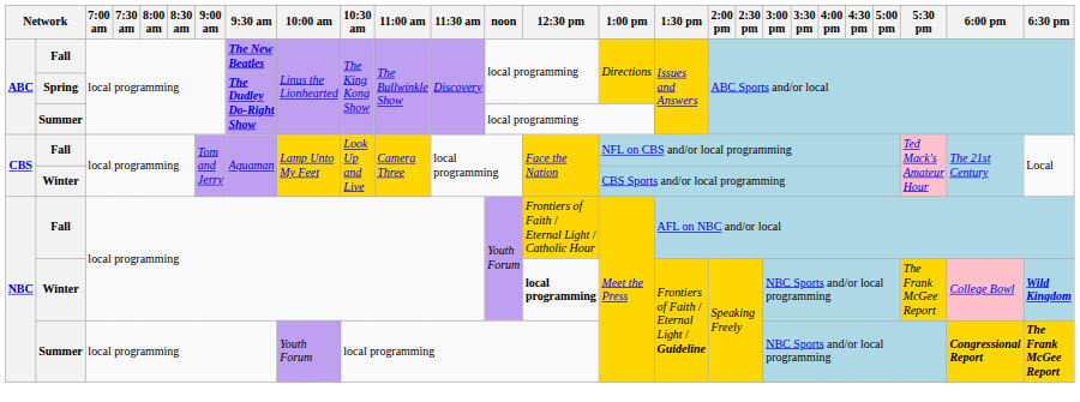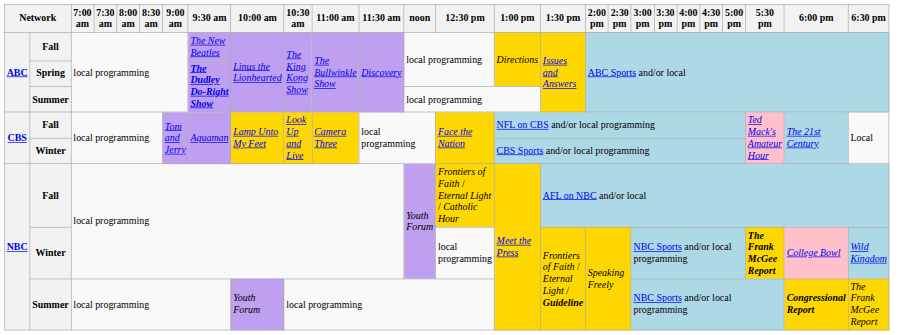 <table class=wikitable style="font-size:90%">
 <tr>
 <th width="1.5%" bgcolor="#C0C0C0" colspan="2">Network</th>
 <th width="13%" bgcolor="#C0C0C0">7:00 am</th>
 <th width="14%" bgcolor="#C0C0C0">7:30 am</th>
 <th width="13%" bgcolor="#C0C0C0">8:00 am</th>
 <th width="14%" bgcolor="#C0C0C0">8:30 am</th>
 <th width="13%" bgcolor="#C0C0C0">9:00 am</th>
 <th width="14%" bgcolor="#C0C0C0">9:30 am</th>
 <th width="13%" bgcolor="#C0C0C0">10:00 am</th>
 <th width="14%" bgcolor="#C0C0C0">10:30 am</th>
 <th width="13%" bgcolor="#C0C0C0">11:00 am</th>
 <th width="14%" bgcolor="#C0C0C0">11:30 am</th>
 <th width="13%" bgcolor="#C0C0C0">noon</th>
 <th width="14%" bgcolor="#C0C0C0">12:30 pm</th>
 <th width="13%" bgcolor="#C0C0C0">1:00 pm</th>
 <th width="14%" bgcolor="#C0C0C0">1:30 pm</th>
 <th width="13%" bgcolor="#C0C0C0">2:00 pm</th>
 <th width="14%" bgcolor="#C0C0C0">2:30 pm</th>
 <th width="13%" bgcolor="#C0C0C0">3:00 pm</th>
 <th width="14%" bgcolor="#C0C0C0">3:30 pm</th>
 <th width="13%" bgcolor="#C0C0C0">4:00 pm</th>
 <th width="14%" bgcolor="#C0C0C0">4:30 pm</th>
 <th width="13%" bgcolor="#C0C0C0">5:00 pm</th>
 <th width="14%" bgcolor="#C0C0C0">5:30 pm</th>
 <th width="13%" bgcolor="#C0C0C0">6:00 pm</th>
 <th width="14%" bgcolor="#C0C0C0">6:30 pm</th>
 </tr>
 <tr>
 <th bgcolor="#C0C0C0" rowspan=3><a href='#'>ABC</a></th>
 <th bgcolor=#C0C0C0>Fall</th>
 <td colspan="5"rowspan=3>local programming</td>
-<td rowspan=1 bgcolor=bf9fef><strong><em><a href='#'>The New Beatles</a></em> </strong></td>
+<td rowspan=1 bgcolor=bf9fef><em><a href='#'>The New Beatles</a></em> </td>
 <td rowspan=3 bgcolor=bf9fef><em><a href='#'>Linus the Lionhearted</a></em></td>
 <td rowspan=3 bgcolor=bf9fef><em><a href='#'>The King Kong Show</a></em> </td>
 <td rowspan=3 bgcolor=bf9fef><em><a href='#'>The Bullwinkle Show</a></em> </td>
 <td rowspan=3 bgcolor=bf9fef><em><a href='#'>Discovery</a></em></td>
 <td colspan="2" rowspan=2>local programming</td>
 <td bgcolor="gold" rowspan=2><em>Directions</em></td>
 <td bgcolor="gold" rowspan=3><em><a href='#'>Issues and Answers</a></em></td>
 <td bgcolor="lightblue" colspan=10 rowspan=3><a href='#'>ABC Sports</a> and/or local</td>
 </tr>
 <tr>
 <th bgcolor=#C0C0C0>Spring</th>
 <td bgcolor="bf9fef" rowspan=2><strong><em><a href='#'>The Dudley Do-Right Show</a></em></strong></td>
 </tr>
 <tr>
 <th bgcolor=#C0C0C0>Summer</th>
 <td colspan="3">local programming</td>
 </tr>
 <tr>
 <th bgcolor="#C0C0C0" rowspan=2><a href='#'>CBS</a></th>
 <th bgcolor=#C0C0C0>Fall</th>
 <td colspan="4" rowspan=2>local programming</td>
 <td rowspan="2" bgcolor="bf9fef"><em><a href='#'>Tom and Jerry</a></em></td>
 <td rowspan="2" bgcolor="bf9fef"><em><a href='#'>Aquaman</a></em></td>
 <td bgcolor=gold rowspan=2><em><a href='#'>Lamp Unto My Feet</a></em></td>
 <td bgcolor="gold" rowspan=2><em><a href='#'>Look Up and Live</a></em></td>
 <td bgcolor="gold" rowspan=2><em><a href='#'>Camera Three</a></em></td>
 <td colspan=2 rowspan=2>local programming</td>
 <td bgcolor="gold" rowspan=2><em><a href='#'>Face the Nation</a></em></td>
 <td bgcolor="lightblue" colspan=9><a href='#'>NFL on CBS</a> and/or local programming</td>
 <td bgcolor="pink" rowspan=2><em><a href='#'>Ted Mack's Amateur Hour</a></em></td>
 <td bgcolor="lightblue" rowspan=2><em><a href='#'>The 21st Century</a></em></td>
 <td rowspan=2>Local</td>
 </tr>
 <tr>
 <th bgcolor=#C0C0C0>Winter</th>
 <td bgcolor="lightblue" colspan=9><a href='#'>CBS Sports</a> and/or local programming</td>
 </tr>
 <tr>
 <th bgcolor="#C0C0C0" rowspan=3><a href='#'>NBC</a></th>
 <th bgcolor=#C0C0C0>Fall</th>
 <td colspan="10" rowspan=2>local programming</td>
 <td bgcolor="bf9fef" rowspan=2><em>Youth Forum</em></td>
 <td bgcolor="gold"><em>Frontiers of Faith</em> / <em>Eternal Light</em> / <em>Catholic Hour</em></td>
 <td bgcolor="gold" rowspan=3><em><a href='#'>Meet the Press</a></em></td>
 <td bgcolor=lightblue colspan=11><a href='#'>AFL on NBC</a> and/or local</td>
 </tr>
 <tr>
 <th bgcolor=#C0C0C0>Winter</th>
-<td><strong>local programming</strong></td>
+<td>local programming</td>
 <td bgcolor="gold" rowspan=2><em>Frontiers of Faith</em> / <em>Eternal Light</em> / <strong><em>Guideline</em></strong></td>
 <td bgcolor="gold" colspan="2" rowspan=2><em>Speaking Freely</em></td>
 <td bgcolor="lightblue" colspan=5><a href='#'>NBC Sports</a> and/or local programming</td>
-<td bgcolor="gold"><em>The Frank McGee Report</em></td>
+<td bgcolor="gold"><strong><em>The Frank McGee Report</em></strong></td>
 <td bgcolor="pink"><em><a href='#'>College Bowl</a></em></td>
-<td bgcolor="lightblue"><strong><em><a href='#'>Wild Kingdom</a></em></strong></td>
+<td bgcolor="lightblue"><em><a href='#'>Wild Kingdom</a></em></td>
 </tr>
 <tr>
 <th bgcolor=#C0C0C0>Summer</th>
 <td colspan="6" rowspan=5>local programming</td>
 <td bgcolor="bf9fef" rowspan=5><em>Youth Forum</em></td>
 <td colspan="5" rowspan=5>local programming</td>
 <td bgcolor="lightblue" colspan=6><a href='#'>NBC Sports</a> and/or local programming</td>
 <td bgcolor="gold"><strong><em>Congressional Report</em></strong></td>
-<td bgcolor="gold"><strong><em>The Frank McGee Report</em></strong></td>
+<td bgcolor="gold"><em>The Frank McGee Report</em></td>
 </tr>
 </table>
